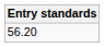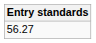 <table class="wikitable" border="1" align="upright">
 <tr>
 <th>Entry standards</th>
 </tr>
 <tr>
-<td>56.20</td>
+<td>56.27</td>
 </tr>
 </table>
